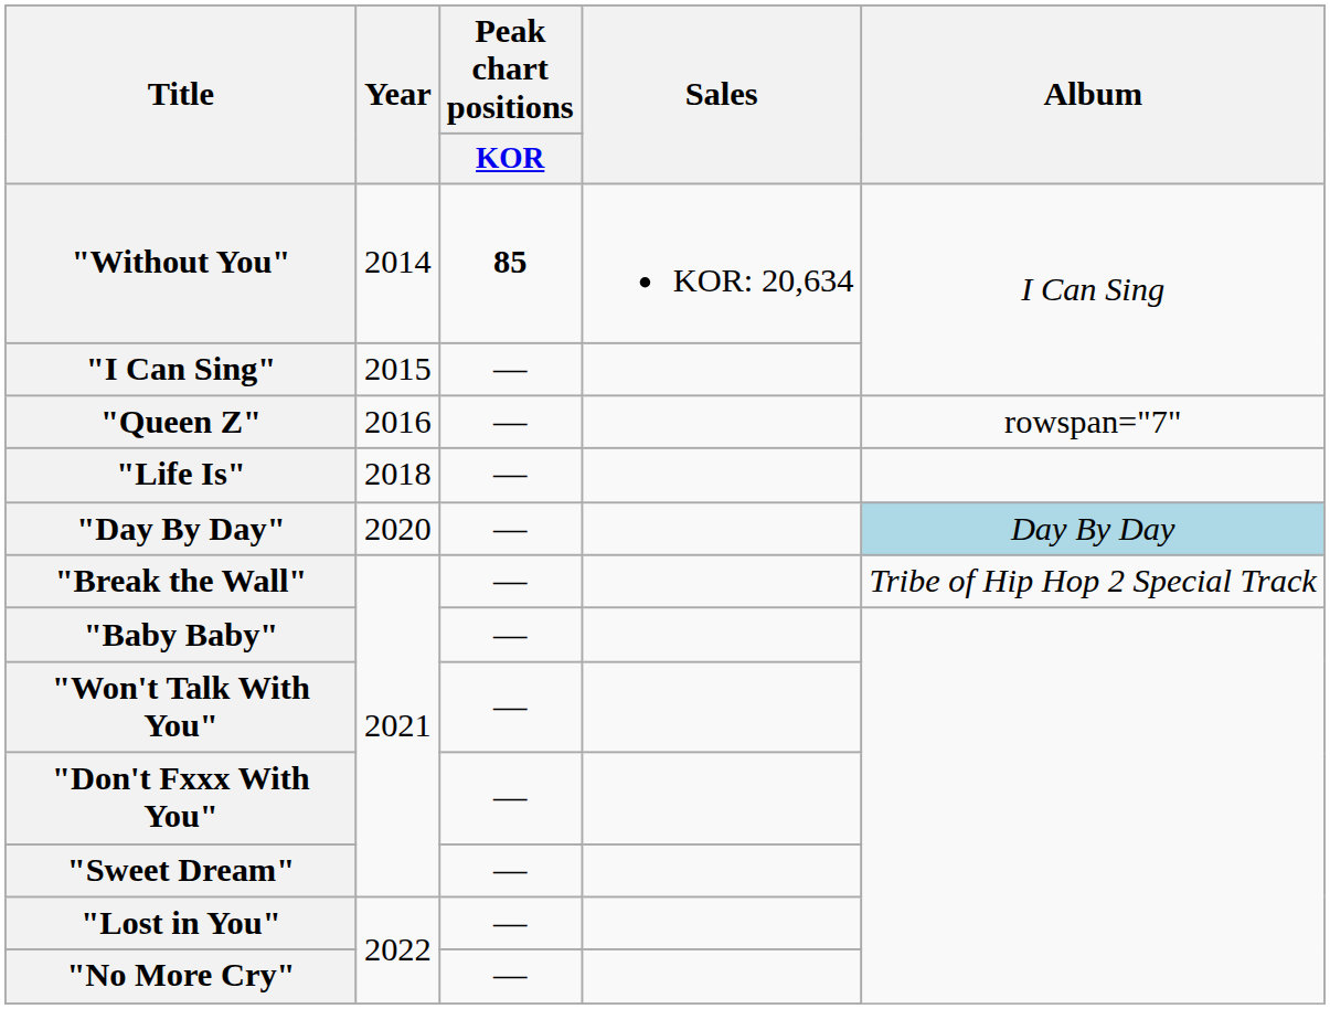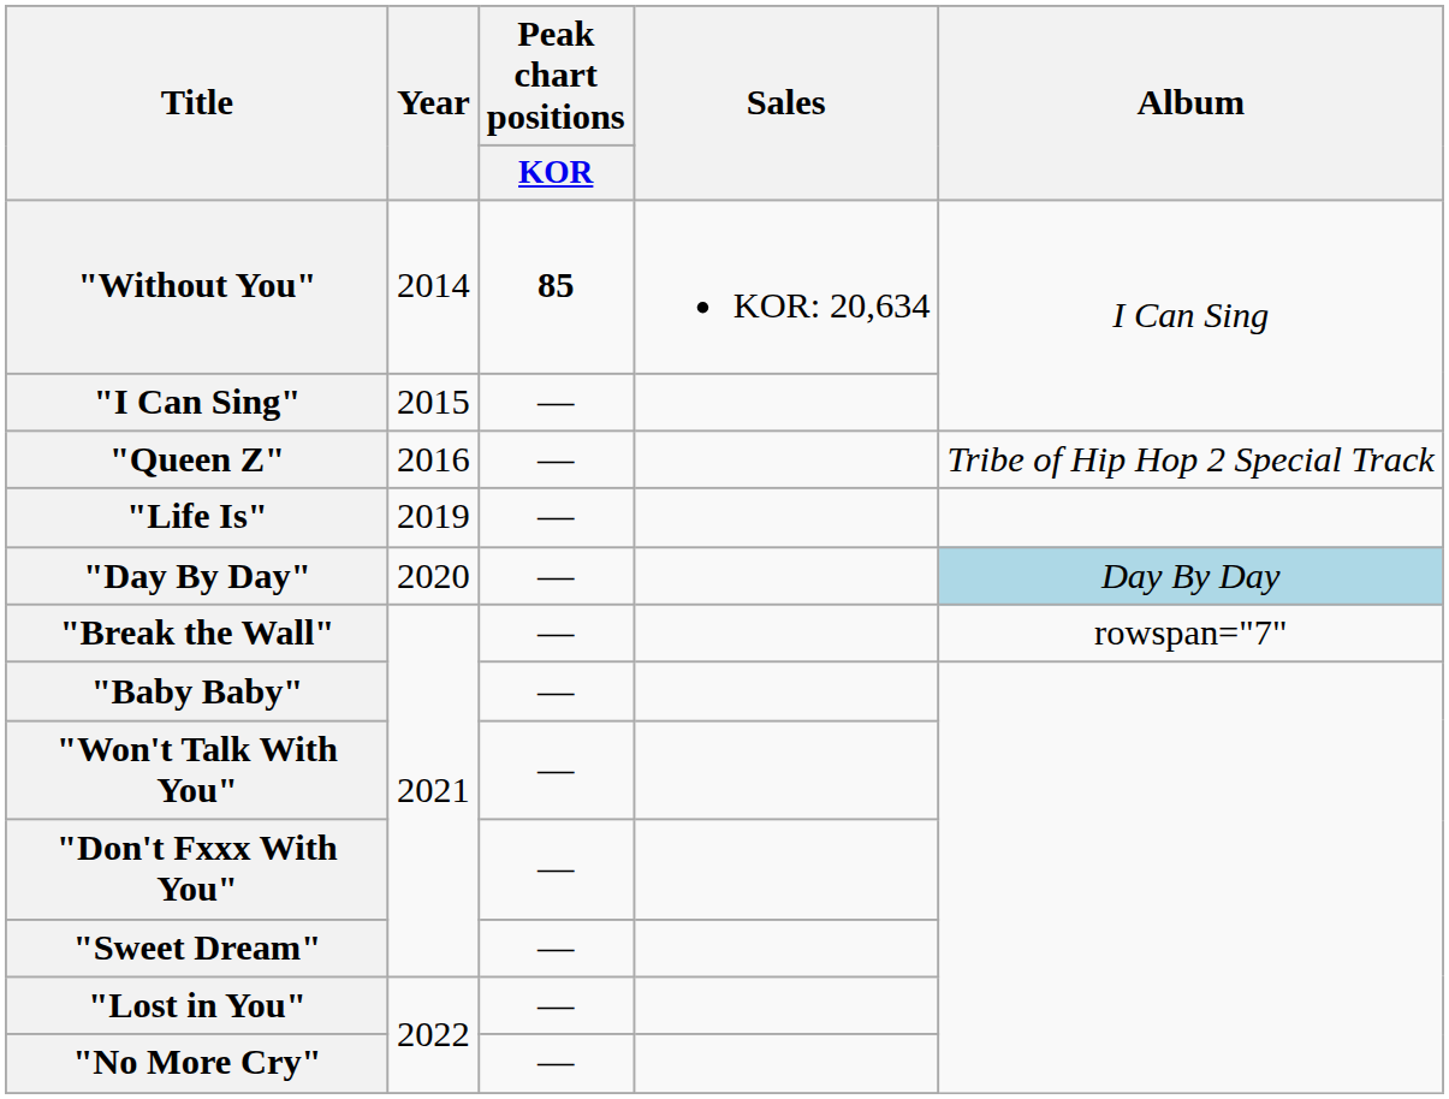 <table class="wikitable plainrowheaders" style="text-align:center;">
 <tr>
 <th rowspan="2" scope="col" style="width:10em;">Title</th>
 <th rowspan="2" scope="col">Year</th>
 <th scope="col">Peak chart positions</th>
 <th rowspan="2">Sales</th>
 <th rowspan="2">Album</th>
 </tr>
 <tr>
 <th scope="col" style="width:2.5em;font-size:90%;"><a href='#'>KOR</a><br></th>
 </tr>
 <tr>
 <th scope="row">"Without You"</th>
 <td>2014</td>
 <td><strong>85</strong></td>
 <td><br><ul><li>KOR: 20,634</li></ul></td>
 <td rowspan="2"><em>I Can Sing</em></td>
 </tr>
 <tr>
 <th scope="row">"I Can Sing"</th>
 <td>2015</td>
 <td>—</td>
 <td></td>
 </tr>
 <tr>
 <th scope="row">"Queen Z" </th>
 <td>2016</td>
 <td>—</td>
 <td></td>
-<td>rowspan="7" </td>
+<td><em>Tribe of Hip Hop 2 Special Track</em></td>
 </tr>
 <tr>
 <th scope="row">"Life Is"</th>
-<td>2018</td>
+<td>2019</td>
 <td>—</td>
 <td></td>
 <td></td>
 </tr>
 <tr>
 <th scope="row">"Day By Day"</th>
 <td>2020</td>
 <td>—</td>
 <td></td>
 <td style="background: lightblue;"><em>Day By Day</em></td>
 </tr>
 <tr>
 <th scope="row">"Break the Wall"</th>
 <td rowspan="5">2021</td>
 <td>—</td>
 <td></td>
-<td><em>Tribe of Hip Hop 2 Special Track</em></td>
+<td>rowspan="7" </td>
 </tr>
 <tr>
 <th scope="row">"Baby Baby"</th>
 <td>—</td>
 <td></td>
 </tr>
 <tr>
 <th scope="row">"Won't Talk With You"</th>
 <td>—</td>
 <td></td>
 </tr>
 <tr>
 <th scope="row">"Don't Fxxx With You"</th>
 <td>—</td>
 <td></td>
 </tr>
 <tr>
 <th scope="row">"Sweet Dream"</th>
 <td>—</td>
 <td></td>
 </tr>
 <tr>
 <th scope="row">"Lost in You"</th>
 <td rowspan="2">2022</td>
 <td>—</td>
 <td></td>
 </tr>
 <tr>
 <th scope="row">"No More Cry"</th>
 <td>—</td>
 <td></td>
 </tr>
 <tr>
 </tr>
 </table>
